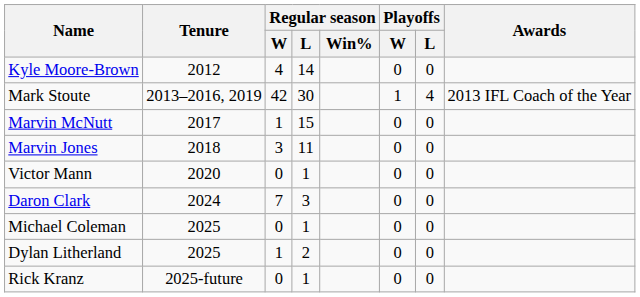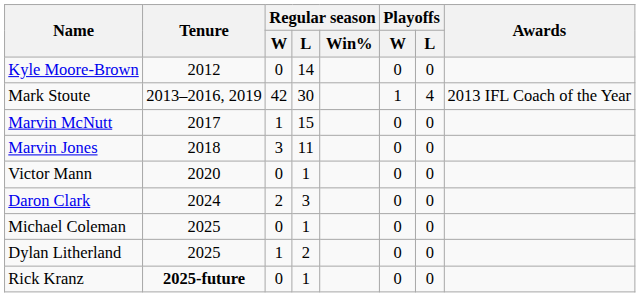 <table class="wikitable">
 <tr>
 <th rowspan="2">Name</th>
 <th rowspan="2">Tenure</th>
 <th colspan="3">Regular season</th>
 <th colspan="2">Playoffs</th>
 <th rowspan="2">Awards</th>
 </tr>
 <tr>
 <th rowspan="1">W</th>
 <th rowspan="1">L</th>
 <th rowspan="1">Win%</th>
 <th rowspan="1">W</th>
 <th rowspan="1">L</th>
 </tr>
 <tr>
 <td><a href='#'>Kyle Moore-Brown</a></td>
 <td style="text-align:center;">2012</td>
-<td style="text-align:center;">4</td>
+<td style="text-align:center;">0</td>
 <td style="text-align:center;">14</td>
 <td style="text-align:center;"></td>
 <td style="text-align:center;">0</td>
 <td style="text-align:center;">0</td>
 <td></td>
 </tr>
 <tr>
 <td>Mark Stoute</td>
 <td style="text-align:center;">2013–2016, 2019</td>
 <td style="text-align:center;">42</td>
 <td style="text-align:center;">30</td>
 <td style="text-align:center;"></td>
 <td style="text-align:center;">1</td>
 <td style="text-align:center;">4</td>
 <td>2013 IFL Coach of the Year</td>
 </tr>
 <tr>
 <td><a href='#'>Marvin McNutt</a></td>
 <td style="text-align:center;">2017</td>
 <td style="text-align:center;">1</td>
 <td style="text-align:center;">15</td>
 <td style="text-align:center;"></td>
 <td style="text-align:center;">0</td>
 <td style="text-align:center;">0</td>
 <td></td>
 </tr>
 <tr>
 <td><a href='#'>Marvin Jones</a></td>
 <td style="text-align:center;">2018</td>
 <td style="text-align:center;">3</td>
 <td style="text-align:center;">11</td>
 <td style="text-align:center;"></td>
 <td style="text-align:center;">0</td>
 <td style="text-align:center;">0</td>
 <td></td>
 </tr>
 <tr>
 <td>Victor Mann</td>
 <td style="text-align:center;">2020</td>
 <td style="text-align:center;">0</td>
 <td style="text-align:center;">1</td>
 <td style="text-align:center;"></td>
 <td style="text-align:center;">0</td>
 <td style="text-align:center;">0</td>
 <td></td>
 </tr>
 <tr>
 <td><a href='#'>Daron Clark</a></td>
 <td style="text-align:center;">2024</td>
-<td style="text-align:center;">7</td>
+<td style="text-align:center;">2</td>
 <td style="text-align:center;">3</td>
 <td style="text-align:center;"></td>
 <td style="text-align:center;">0</td>
 <td style="text-align:center;">0</td>
 <td></td>
 </tr>
 <tr>
 <td>Michael Coleman</td>
 <td style="text-align:center;">2025</td>
 <td style="text-align:center;">0</td>
 <td style="text-align:center;">1</td>
 <td style="text-align:center;"></td>
 <td style="text-align:center;">0</td>
 <td style="text-align:center;">0</td>
 <td></td>
 </tr>
 <tr>
 <td>Dylan Litherland</td>
 <td style="text-align:center;">2025</td>
 <td style="text-align:center;">1</td>
 <td style="text-align:center;">2</td>
 <td style="text-align:center;"></td>
 <td style="text-align:center;">0</td>
 <td style="text-align:center;">0</td>
 <td></td>
 </tr>
 <tr>
 <td>Rick Kranz</td>
-<td style="text-align:center;">2025-future</td>
+<td style="text-align:center;"><strong>2025-future</strong></td>
 <td style="text-align:center;">0</td>
 <td style="text-align:center;">1</td>
 <td style="text-align:center;"></td>
 <td style="text-align:center;">0</td>
 <td style="text-align:center;">0</td>
 <td></td>
 </tr>
 </table>
